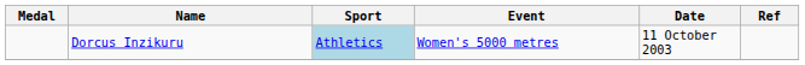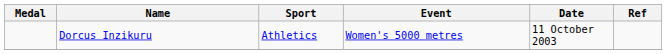 <table class="wikitable sortable" style="font-size:100%">
 <tr>
 <th width="60">Medal</th>
 <th width="250">Name</th>
 <th width="100">Sport</th>
 <th width="230">Event</th>
 <th width="100">Date</th>
 <th width="55">Ref</th>
 </tr>
 <tr>
 <td></td>
 <td><a href='#'>Dorcus Inzikuru</a></td>
-<td style="background: lightblue;"><a href='#'>Athletics</a></td>
+<td><a href='#'>Athletics</a></td>
 <td><a href='#'>Women's 5000 metres</a></td>
 <td>11 October 2003</td>
 <td></td>
 </tr>
 <tr>
 </tr>
 </table>
